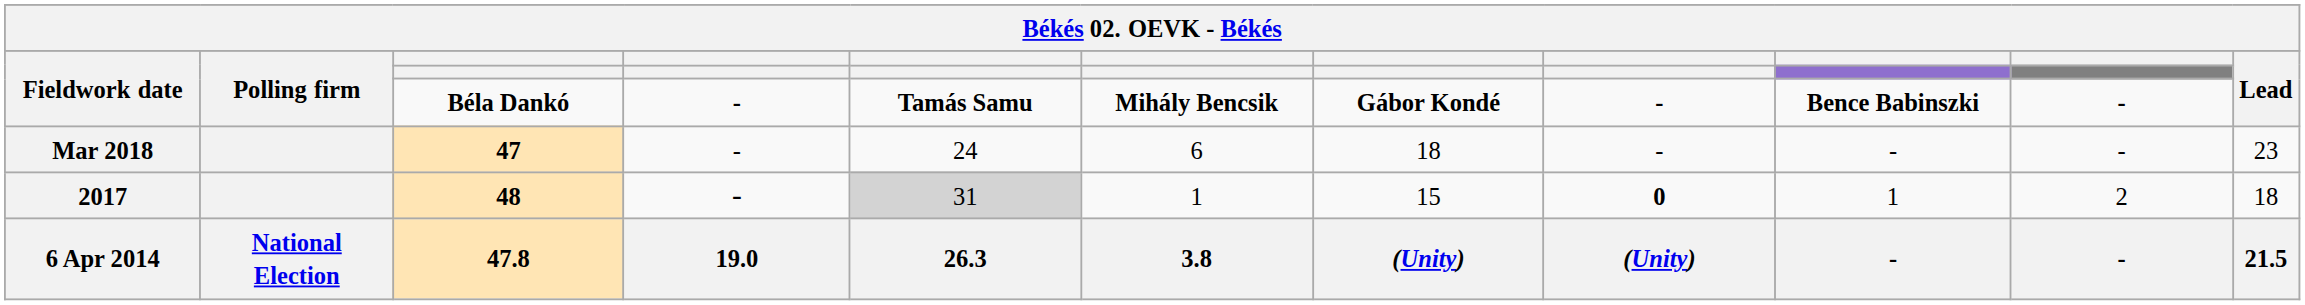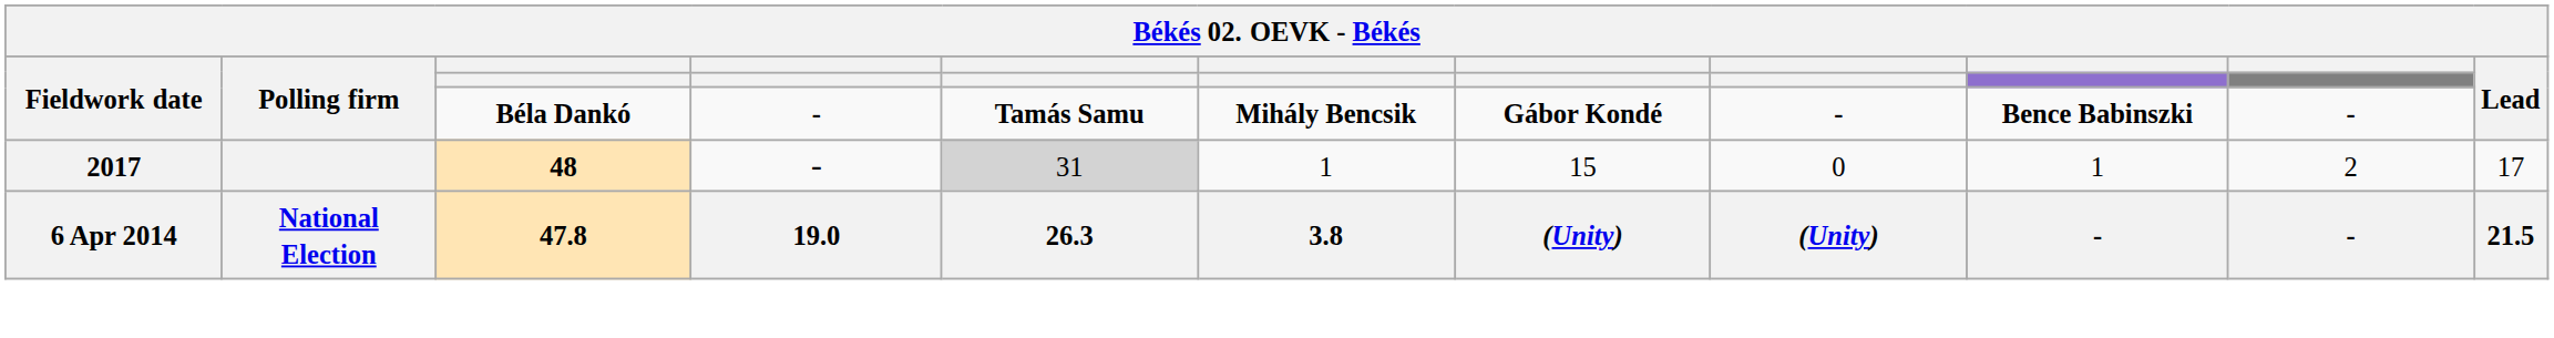 <table class="wikitable mw-collapsible mw-collapsed" style="text-align:center">
 <tr>
 <th colspan="11" style="width: 980pt;"><small><a href='#'>Békés</a> 02.</small> <small>OEVK - <a href='#'>Békés</a></small></th>
 </tr>
 <tr>
 <th rowspan="3" style="width: 80pt;"><small>Fieldwork</small> <small>date</small></th>
 <th rowspan="3" style="width: 80pt;"><strong><small>Polling</small> <small>firm</small></strong></th>
 <th style="width: 100pt;"><small></small></th>
 <th style="width: 100pt;"><small> </small></th>
 <th style="width: 100pt;"></th>
 <th style="width: 100pt;"></th>
 <th style="width: 100pt;"></th>
 <th style="width: 100pt;"></th>
 <th style="width: 100pt;"></th>
 <th style="width: 100pt;"></th>
 <th rowspan="3" style="width: 20pt;"><small>Lead</small></th>
 </tr>
 <tr>
 <th style="color:inherit;background:"></th>
 <th style="color:inherit;background:"></th>
 <th style="color:inherit;background:"></th>
 <th style="color:inherit;background:"></th>
 <th style="color:inherit;background:"></th>
 <th style="color:inherit;background:"></th>
 <th style="color:inherit;background:#8E6FCE;"></th>
 <th style="color:inherit;background:#808080;"></th>
 </tr>
 <tr>
 <td><strong><small>Béla Dankó</small></strong></td>
 <td><strong><small>-</small></strong></td>
 <td><strong><small>Tamás Samu</small></strong></td>
 <td><strong><small>Mihály Bencsik</small></strong></td>
 <td><strong><small>Gábor Kondé</small></strong></td>
 <td><strong><small>-</small></strong></td>
 <td><strong><small>Bence Babinszki</small></strong></td>
 <td><strong><small>-</small></strong></td>
 </tr>
 <tr>
-<th><small>Mar 2018</small></th>
-<th><small></small></th>
-<td style="background:#FFE5B4"><strong><small>47</small></strong></td>
-<td><small>-</small></td>
-<td><small>24</small></td>
-<td><small>6</small></td>
-<td><small>18</small></td>
-<td><small>-</small></td>
-<td><small>-</small></td>
-<td><small>-</small></td>
-<td style="background:"><small>23</small></td>
-</tr>
-<tr>
 <th><small>2017</small></th>
 <th><small></small></th>
 <td style="background:#FFE5B4"><strong><small>48</small></strong></td>
 <td>-</td>
 <td style="background: lightgrey;"><small>31</small></td>
 <td><small>1</small></td>
 <td><small>15</small></td>
-<td><strong><small>0</small></strong></td>
+<td><small>0</small></td>
 <td><small>1</small></td>
 <td><small>2</small></td>
-<td style="background:"><small>18</small></td>
+<td style="background:"><small>17</small></td>
 </tr>
 <tr>
 <th><small>6 Apr 2014</small></th>
 <th><a href='#'><small>National Election</small></a></th>
 <th style="background:#FFE5B4"><strong><small>47.8</small></strong></th>
 <th><small>19.0</small></th>
 <th><small>26.3</small></th>
 <th><small>3.8</small></th>
 <th><small><em>(<a href='#'>Unity</a>)</em></small></th>
 <th><small><em>(<a href='#'>Unity</a>)</em></small></th>
 <th><small>-</small></th>
 <th><small>-</small></th>
 <th style="background:"><small>21.5</small></th>
 </tr>
 </table>
